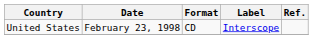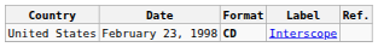 <table class="wikitable plainrowheaders">
 <tr>
 <th scope="col">Country</th>
 <th scope="col">Date</th>
 <th scope="col">Format</th>
 <th scope="col">Label</th>
 <th scope="col">Ref.</th>
 </tr>
 <tr>
 <td>United States</td>
 <td>February 23, 1998</td>
-<td>CD</td>
+<td><strong>CD</strong></td>
 <td><a href='#'>Interscope</a></td>
 <td></td>
 </tr>
 <tr>
 </tr>
 </table>
